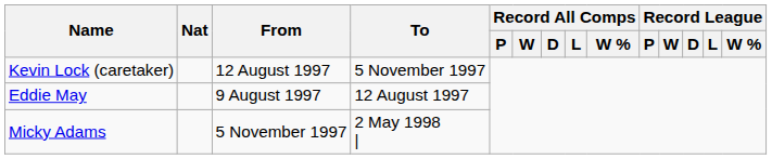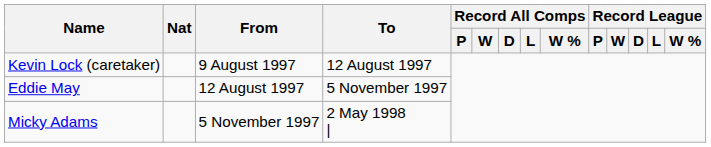 <table class="wikitable" style="text-align: center">
 <tr>
 <th rowspan="2">Name</th>
 <th rowspan="2">Nat</th>
 <th rowspan="2">From</th>
 <th rowspan="2">To</th>
 <th colspan="5">Record All Comps</th>
 <th colspan="5">Record League</th>
 </tr>
 <tr>
 <th>P</th>
 <th>W</th>
 <th>D</th>
 <th>L</th>
 <th>W %</th>
 <th>P</th>
 <th>W</th>
 <th>D</th>
 <th>L</th>
 <th>W %</th>
 </tr>
 <tr>
 <td align="left"><a href='#'>Kevin Lock</a> (caretaker)</td>
 <td></td>
-<td align="left">12 August 1997</td>
-<td align="left">5 November 1997<br> </td>
+<td align="left">9 August 1997</td>
+<td align="left">12 August 1997<br> </td>
 </tr>
 <tr>
 <td align="left"><a href='#'>Eddie May</a></td>
 <td></td>
-<td align="left">9 August 1997</td>
-<td align="left">12 August 1997<br> </td>
+<td align="left">12 August 1997</td>
+<td align="left">5 November 1997<br> </td>
 </tr>
 <tr>
 <td align=left><a href='#'>Micky Adams</a></td>
 <td></td>
 <td align=left>5 November 1997</td>
 <td align=left>2 May 1998<br>|</td>
 </tr>
 </table>
